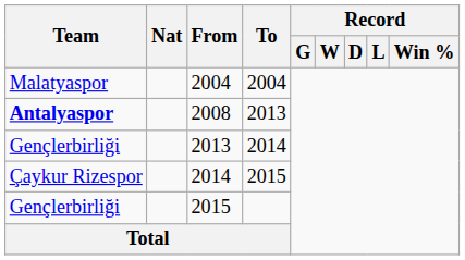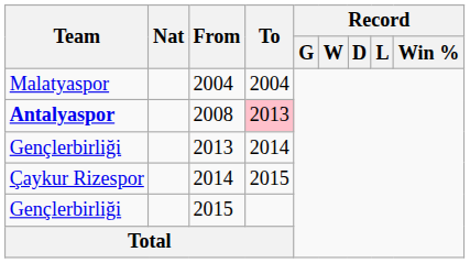 <table class="wikitable" style="text-align: center">
 <tr>
 <th rowspan="2">Team</th>
 <th rowspan="2">Nat</th>
 <th rowspan="2">From</th>
 <th rowspan="2">To</th>
 <th colspan="5">Record</th>
 </tr>
 <tr>
 <th>G</th>
 <th>W</th>
 <th>D</th>
 <th>L</th>
 <th>Win %</th>
 </tr>
 <tr |->
 <td align=left><a href='#'>Malatyaspor</a></td>
 <td></td>
 <td align=left>2004</td>
 <td align=left>2004<br></td>
 </tr>
 <tr>
 <td align=left><strong><a href='#'>Antalyaspor</a></strong></td>
 <td></td>
 <td align=left>2008</td>
-<td align=left>2013<br></td>
+<td align=left style="background: pink;">2013<br></td>
 </tr>
 <tr>
 <td align=left><a href='#'>Gençlerbirliği</a></td>
 <td></td>
 <td align=left>2013</td>
 <td align=left>2014<br></td>
 </tr>
 <tr>
 <td align=left><a href='#'>Çaykur Rizespor</a></td>
 <td></td>
 <td align=left>2014</td>
 <td align=left>2015<br></td>
 </tr>
 <tr>
 <td align=left><a href='#'>Gençlerbirliği</a></td>
 <td></td>
 <td align=left>2015</td>
 <td align=left><br></td>
 </tr>
 <tr>
 <th colspan="4">Total<br></th>
 </tr>
 </table>
